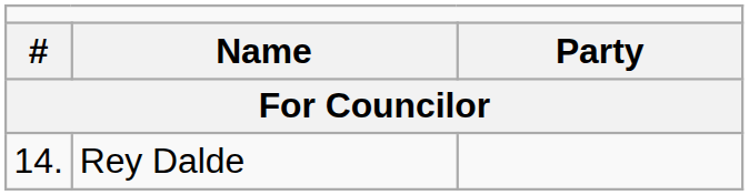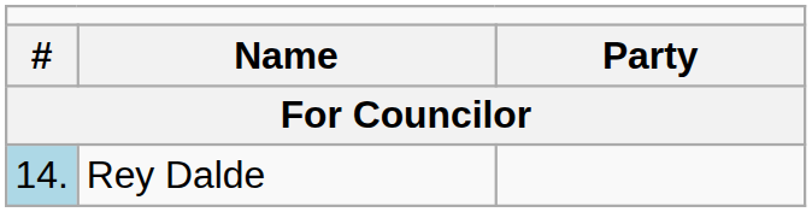 <table class=wikitable style="font-size:90%">
 <tr>
 <td colspan=4 bgcolor=></td>
 </tr>
 <tr>
 <th>#</th>
 <th width=150px>Name</th>
 <th colspan=2 width=110px>Party</th>
 </tr>
 <tr>
 <th colspan=5>For Councilor</th>
 </tr>
 <tr>
-<td>14.</td>
+<td style="background: lightblue;">14.</td>
 <td>Rey Dalde</td>
 <td></td>
 </tr>
 </table>
